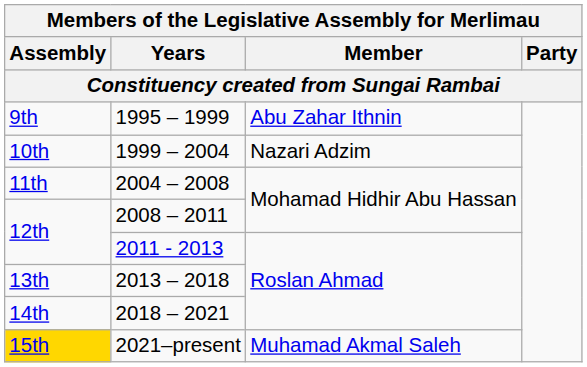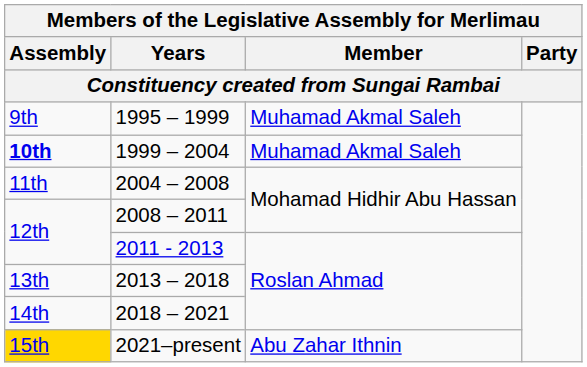 <table class=wikitable>
 <tr>
 <th colspan=4>Members of the Legislative Assembly for Merlimau</th>
 </tr>
 <tr>
 <th>Assembly</th>
 <th>Years</th>
 <th>Member</th>
 <th>Party</th>
 </tr>
 <tr>
 <th colspan=4 align=center><em>Constituency created from Sungai Rambai</em></th>
 </tr>
 <tr>
 <td><a href='#'>9th</a></td>
 <td>1995 – 1999</td>
-<td><a href='#'>Abu Zahar Ithnin</a></td>
+<td><a href='#'>Muhamad Akmal Saleh</a></td>
 <td rowspan="8"></td>
 </tr>
 <tr>
-<td><a href='#'>10th</a></td>
+<td><strong><a href='#'>10th</a></strong></td>
 <td>1999 – 2004</td>
-<td>Nazari Adzim</td>
+<td><a href='#'>Muhamad Akmal Saleh</a></td>
 </tr>
 <tr>
 <td><a href='#'>11th</a></td>
 <td>2004 – 2008</td>
 <td rowspan="2">Mohamad Hidhir Abu Hassan</td>
 </tr>
 <tr>
 <td rowspan="2"><a href='#'>12th</a></td>
 <td>2008 – 2011</td>
 </tr>
 <tr>
 <td><a href='#'>2011 - 2013</a></td>
 <td rowspan="3"><a href='#'>Roslan Ahmad</a></td>
 </tr>
 <tr>
 <td><a href='#'>13th</a></td>
 <td>2013 – 2018</td>
 </tr>
 <tr>
 <td><a href='#'>14th</a></td>
 <td>2018 – 2021</td>
 </tr>
 <tr>
 <td style="background: gold;"><a href='#'>15th</a></td>
 <td>2021–present</td>
-<td><a href='#'>Muhamad Akmal Saleh</a></td>
+<td><a href='#'>Abu Zahar Ithnin</a></td>
 </tr>
 </table>
